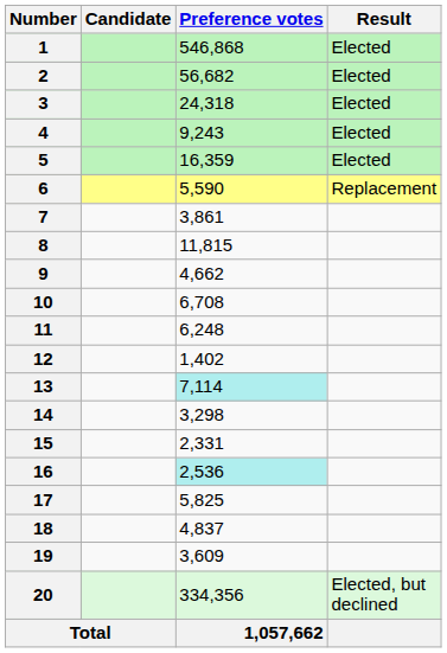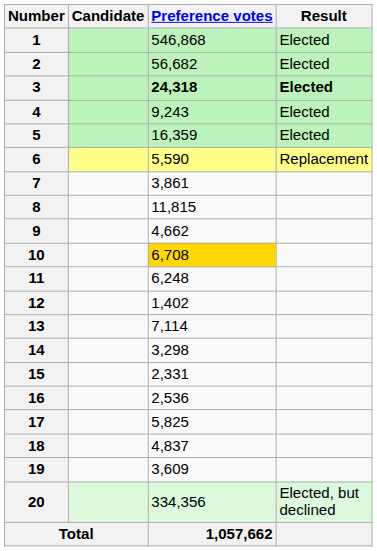 <table class="wikitable sortable" >
 <tr>
 <th scope="col">Number</th>
 <th scope="col">Candidate</th>
 <th scope="col"><a href='#'>Preference votes</a></th>
 <th scope="col">Result</th>
 </tr>
 <tr bgcolor=bbf3bb>
 <th scope="row">1</th>
 <td style="text-align:left"></td>
 <td>546,868</td>
 <td>Elected</td>
 </tr>
 <tr bgcolor=bbf3bb>
 <th scope="row">2</th>
 <td style="text-align:left"></td>
 <td>56,682</td>
 <td>Elected</td>
 </tr>
 <tr bgcolor=bbf3bb>
 <th scope="row">3</th>
 <td style="text-align:left"></td>
-<td>24,318</td>
-<td>Elected</td>
+<td><strong>24,318</strong></td>
+<td><strong>Elected</strong></td>
 </tr>
 <tr bgcolor=bbf3bb>
 <th scope="row">4</th>
 <td style="text-align:left"></td>
 <td>9,243</td>
 <td>Elected</td>
 </tr>
 <tr bgcolor=bbf3bb>
 <th scope="row">5</th>
 <td style="text-align:left"></td>
 <td>16,359</td>
 <td>Elected</td>
 </tr>
 <tr bgcolor=#FF8>
 <th scope="row">6</th>
 <td style="text-align:left"></td>
 <td>5,590</td>
 <td>Replacement</td>
 </tr>
 <tr>
 <th scope="row">7</th>
 <td style="text-align:left"></td>
 <td>3,861</td>
 <td></td>
 </tr>
 <tr>
 <th scope="row">8</th>
 <td style="text-align:left"></td>
 <td>11,815</td>
 <td></td>
 </tr>
 <tr>
 <th scope="row">9</th>
 <td style="text-align:left"></td>
 <td>4,662</td>
 <td></td>
 </tr>
 <tr>
 <th scope="row">10</th>
 <td style="text-align:left"></td>
-<td>6,708</td>
+<td style="background: gold;">6,708</td>
 <td></td>
 </tr>
 <tr>
 <th scope="row">11</th>
 <td style="text-align:left"></td>
 <td>6,248</td>
 <td></td>
 </tr>
 <tr>
 <th scope="row">12</th>
 <td style="text-align:left"></td>
 <td>1,402</td>
 <td></td>
 </tr>
 <tr>
 <th scope="row">13</th>
 <td style="text-align:left"></td>
-<td style="background: paleturquoise;">7,114</td>
+<td>7,114</td>
 <td></td>
 </tr>
 <tr>
 <th scope="row">14</th>
 <td style="text-align:left"></td>
 <td>3,298</td>
 <td></td>
 </tr>
 <tr>
 <th scope="row">15</th>
 <td style="text-align:left"></td>
 <td>2,331</td>
 <td></td>
 </tr>
 <tr>
 <th scope="row">16</th>
 <td style="text-align:left"></td>
-<td style="background: paleturquoise;">2,536</td>
+<td>2,536</td>
 <td></td>
 </tr>
 <tr>
 <th scope="row">17</th>
 <td style="text-align:left"></td>
 <td>5,825</td>
 <td></td>
 </tr>
 <tr>
 <th scope="row">18</th>
 <td style="text-align:left"></td>
 <td>4,837</td>
 <td></td>
 </tr>
 <tr>
 <th scope="row">19</th>
 <td style="text-align:left"></td>
 <td>3,609</td>
 <td></td>
 </tr>
 <tr bgcolor=dcf9dc>
 <th scope="row">20</th>
 <td style="text-align:left"></td>
 <td>334,356</td>
 <td>Elected, but<br>declined</td>
 </tr>
 <tr class="sortbottom">
 <th scope="row"  colspan="2">Total</th>
 <th style="text-align:right">1,057,662</th>
 <th></th>
 </tr>
 </table>
